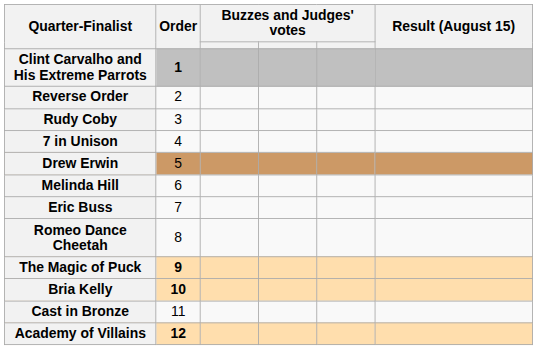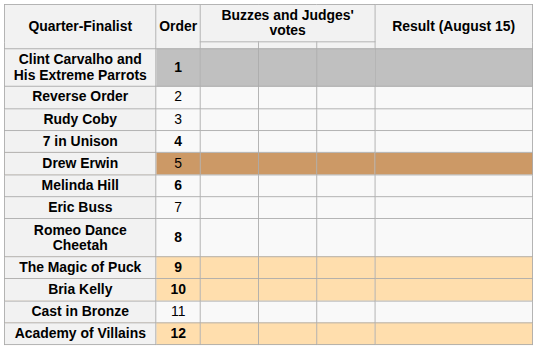 <table class="wikitable plainrowheaders sortable" style="text-align:center;">
 <tr>
 <th scope="col" rowspan="2" class="unsortable" style="width:19em;">Quarter-Finalist</th>
 <th scope="col" rowspan="2" style="width:1em;">Order</th>
 <th scope="col" colspan="3" class="unsortable" style="width:24em;">Buzzes and Judges' votes</th>
 <th scope="col" rowspan="2" style="width:21em;">Result (August 15)</th>
 </tr>
 <tr>
 <th scope="col" class="unsortable" style="width:6em;"></th>
 <th scope="col" class="unsortable" style="width:6em;"></th>
 <th scope="col" class="unsortable" style="width:6em;"></th>
 </tr>
 <tr style="background:silver;">
 <th scope="row"><strong>Clint Carvalho and His Extreme Parrots</strong></th>
 <td><strong>1</strong></td>
 <td style="text-align:center;"></td>
 <td style="text-align:center;"></td>
 <td style="text-align:center;"></td>
 <td><strong></strong></td>
 </tr>
 <tr>
 <th scope="row">Reverse Order</th>
 <td>2</td>
 <td style="text-align:center;"></td>
 <td style="text-align:center;"></td>
 <td style="text-align:center;"></td>
 <td></td>
 </tr>
 <tr>
 <th scope="row">Rudy Coby</th>
 <td>3</td>
 <td style="text-align:center;"></td>
 <td style="text-align:center;"></td>
 <td style="text-align:center;"></td>
 <td></td>
 </tr>
 <tr>
 <th scope="row">7 in Unison</th>
-<td>4</td>
+<td><strong>4</strong></td>
 <td style="text-align:center;"></td>
 <td style="text-align:center;"></td>
 <td style="text-align:center;"></td>
 <td></td>
 </tr>
 <tr style="background:#c96;">
 <th scope="row">Drew Erwin</th>
 <td>5</td>
 <td style="text-align:center;"></td>
 <td style="text-align:center;"></td>
 <td style="text-align:center;"></td>
 <td></td>
 </tr>
 <tr>
 <th scope="row">Melinda Hill</th>
-<td>6</td>
+<td><strong>6</strong></td>
 <td style="text-align:center;"></td>
 <td style="text-align:center;"></td>
 <td style="text-align:center;"></td>
 <td></td>
 </tr>
 <tr>
 <th scope="row">Eric Buss</th>
 <td>7</td>
 <td style="text-align:center;"></td>
 <td style="text-align:center;"></td>
 <td style="text-align:center;"></td>
 <td></td>
 </tr>
 <tr>
 <th scope="row">Romeo Dance Cheetah</th>
-<td>8</td>
+<td><strong>8</strong></td>
 <td style="text-align:center;"></td>
 <td style="text-align:center;"></td>
 <td style="text-align:center;"></td>
 <td></td>
 </tr>
 <tr style="background:NavajoWhite;">
 <th scope="row"><strong>The Magic of Puck</strong></th>
 <td><strong>9</strong></td>
 <td style="text-align:center;"></td>
 <td style="text-align:center;"></td>
 <td style="text-align:center;"></td>
 <td><strong></strong></td>
 </tr>
 <tr style="background:NavajoWhite;">
 <th scope="row"><strong>Bria Kelly</strong></th>
 <td><strong>10</strong></td>
 <td style="text-align:center;"></td>
 <td style="text-align:center;"></td>
 <td style="text-align:center;"></td>
 <td><strong></strong></td>
 </tr>
 <tr>
 <th scope="row">Cast in Bronze </th>
 <td>11</td>
 <td style="text-align:center;"></td>
 <td style="text-align:center;"></td>
 <td style="text-align:center;"></td>
 <td></td>
 </tr>
 <tr style="background:NavajoWhite;">
 <th scope="row"><strong>Academy of Villains</strong></th>
 <td><strong>12</strong></td>
 <td style="text-align:center;"></td>
 <td style="text-align:center;"></td>
 <td style="text-align:center;"></td>
 <td><strong></strong></td>
 </tr>
 </table>
